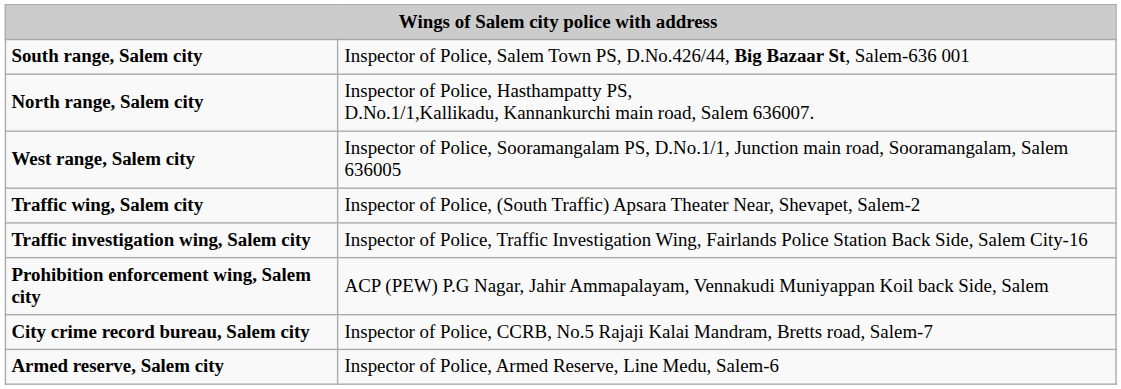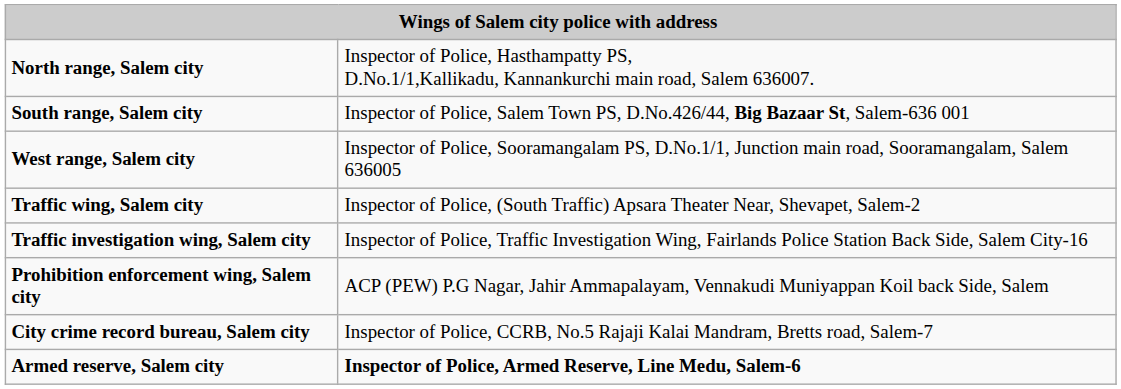 <table border="1" align="center" cellpadding="4" cellspacing="0" width="800" style="margin: 0.5em 0.5em 0.5em 0.5em; background: #f9f9f9; border: 1px #aaa solid; border-collapse: collapse; font-size: 85%">
 <tr>
 <td colspan="2" bgcolor="#cccccc" align="center"><strong>Wings of Salem city police with address </strong></td>
 </tr>
 <tr>
+<td><strong>North range, Salem city</strong></td>
+<td>Inspector of Police, Hasthampatty PS,<br>D.No.1/1,Kallikadu,  Kannankurchi main road,  Salem 636007.</td>
+</tr>
+<tr>
 <td width="30%"><strong>South range, Salem city</strong></td>
 <td>Inspector of Police, Salem Town PS, D.No.426/44, <strong>Big Bazaar St</strong>, Salem-636 001</td>
-</tr>
-<tr>
-<td><strong>North range, Salem city</strong></td>
-<td>Inspector of Police, Hasthampatty PS,<br>D.No.1/1,Kallikadu,  Kannankurchi main road,  Salem 636007.</td>
 </tr>
 <tr>
 <td><strong>West range, Salem city</strong></td>
 <td>Inspector of Police, Sooramangalam PS, D.No.1/1, Junction main road, Sooramangalam, Salem 636005</td>
 </tr>
 <tr>
 <td><strong>Traffic wing, Salem city</strong></td>
 <td>Inspector of Police, (South Traffic) Apsara Theater Near, Shevapet, Salem-2</td>
 </tr>
 <tr>
 <td><strong>Traffic investigation wing, Salem city</strong></td>
 <td>Inspector of Police, Traffic Investigation Wing, Fairlands Police Station Back Side, Salem City-16</td>
 </tr>
 <tr>
 <td><strong>Prohibition enforcement wing, Salem city</strong></td>
 <td>ACP (PEW) P.G Nagar, Jahir Ammapalayam, Vennakudi Muniyappan Koil back Side, Salem</td>
 </tr>
 <tr>
 <td><strong>City crime record bureau, Salem city</strong></td>
 <td>Inspector of Police, CCRB, No.5 Rajaji Kalai Mandram, Bretts road, Salem-7</td>
 </tr>
 <tr>
 <td><strong>Armed reserve, Salem city</strong></td>
-<td>Inspector of Police, Armed Reserve, Line Medu, Salem-6</td>
+<td><strong>Inspector of Police, Armed Reserve, Line Medu, Salem-6</strong></td>
 </tr>
 </table>
